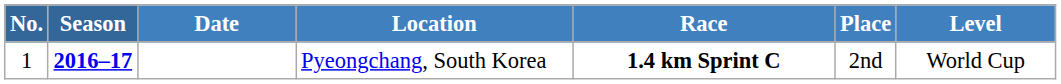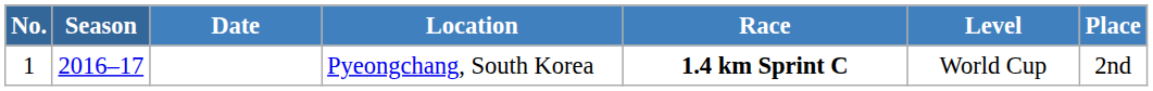 <table class="wikitable sortable" style="font-size:95%; text-align:center; border:grey solid 1px; border-collapse:collapse; background:#ffffff;">
 <tr style="background:#efefef;">
 <th style="background-color:#369; color:white;">No.</th>
 <th style="background-color:#369; color:white;">Season</th>
 <th style="background-color:#4180be; color:white; width:100px;">Date</th>
 <th style="background-color:#4180be; color:white; width:180px;">Location</th>
 <th style="background-color:#4180be; color:white; width:170px;">Race</th>
+<th style="background-color:#4180be; color:white; width:100px;">Level</th>
 <th style="background-color:#4180be; color:white;">Place</th>
-<th style="background-color:#4180be; color:white; width:100px;">Level</th>
 </tr>
 <tr>
 <td>1</td>
-<td><strong><a href='#'>2016–17</a></strong></td>
+<td><a href='#'>2016–17</a></td>
 <td style="text-align: right;"></td>
 <td style="text-align: left;"> <a href='#'>Pyeongchang</a>, South Korea</td>
 <td><strong>1.4 km Sprint C</strong></td>
+<td>World Cup</td>
 <td>2nd</td>
-<td>World Cup</td>
 </tr>
 </table>
